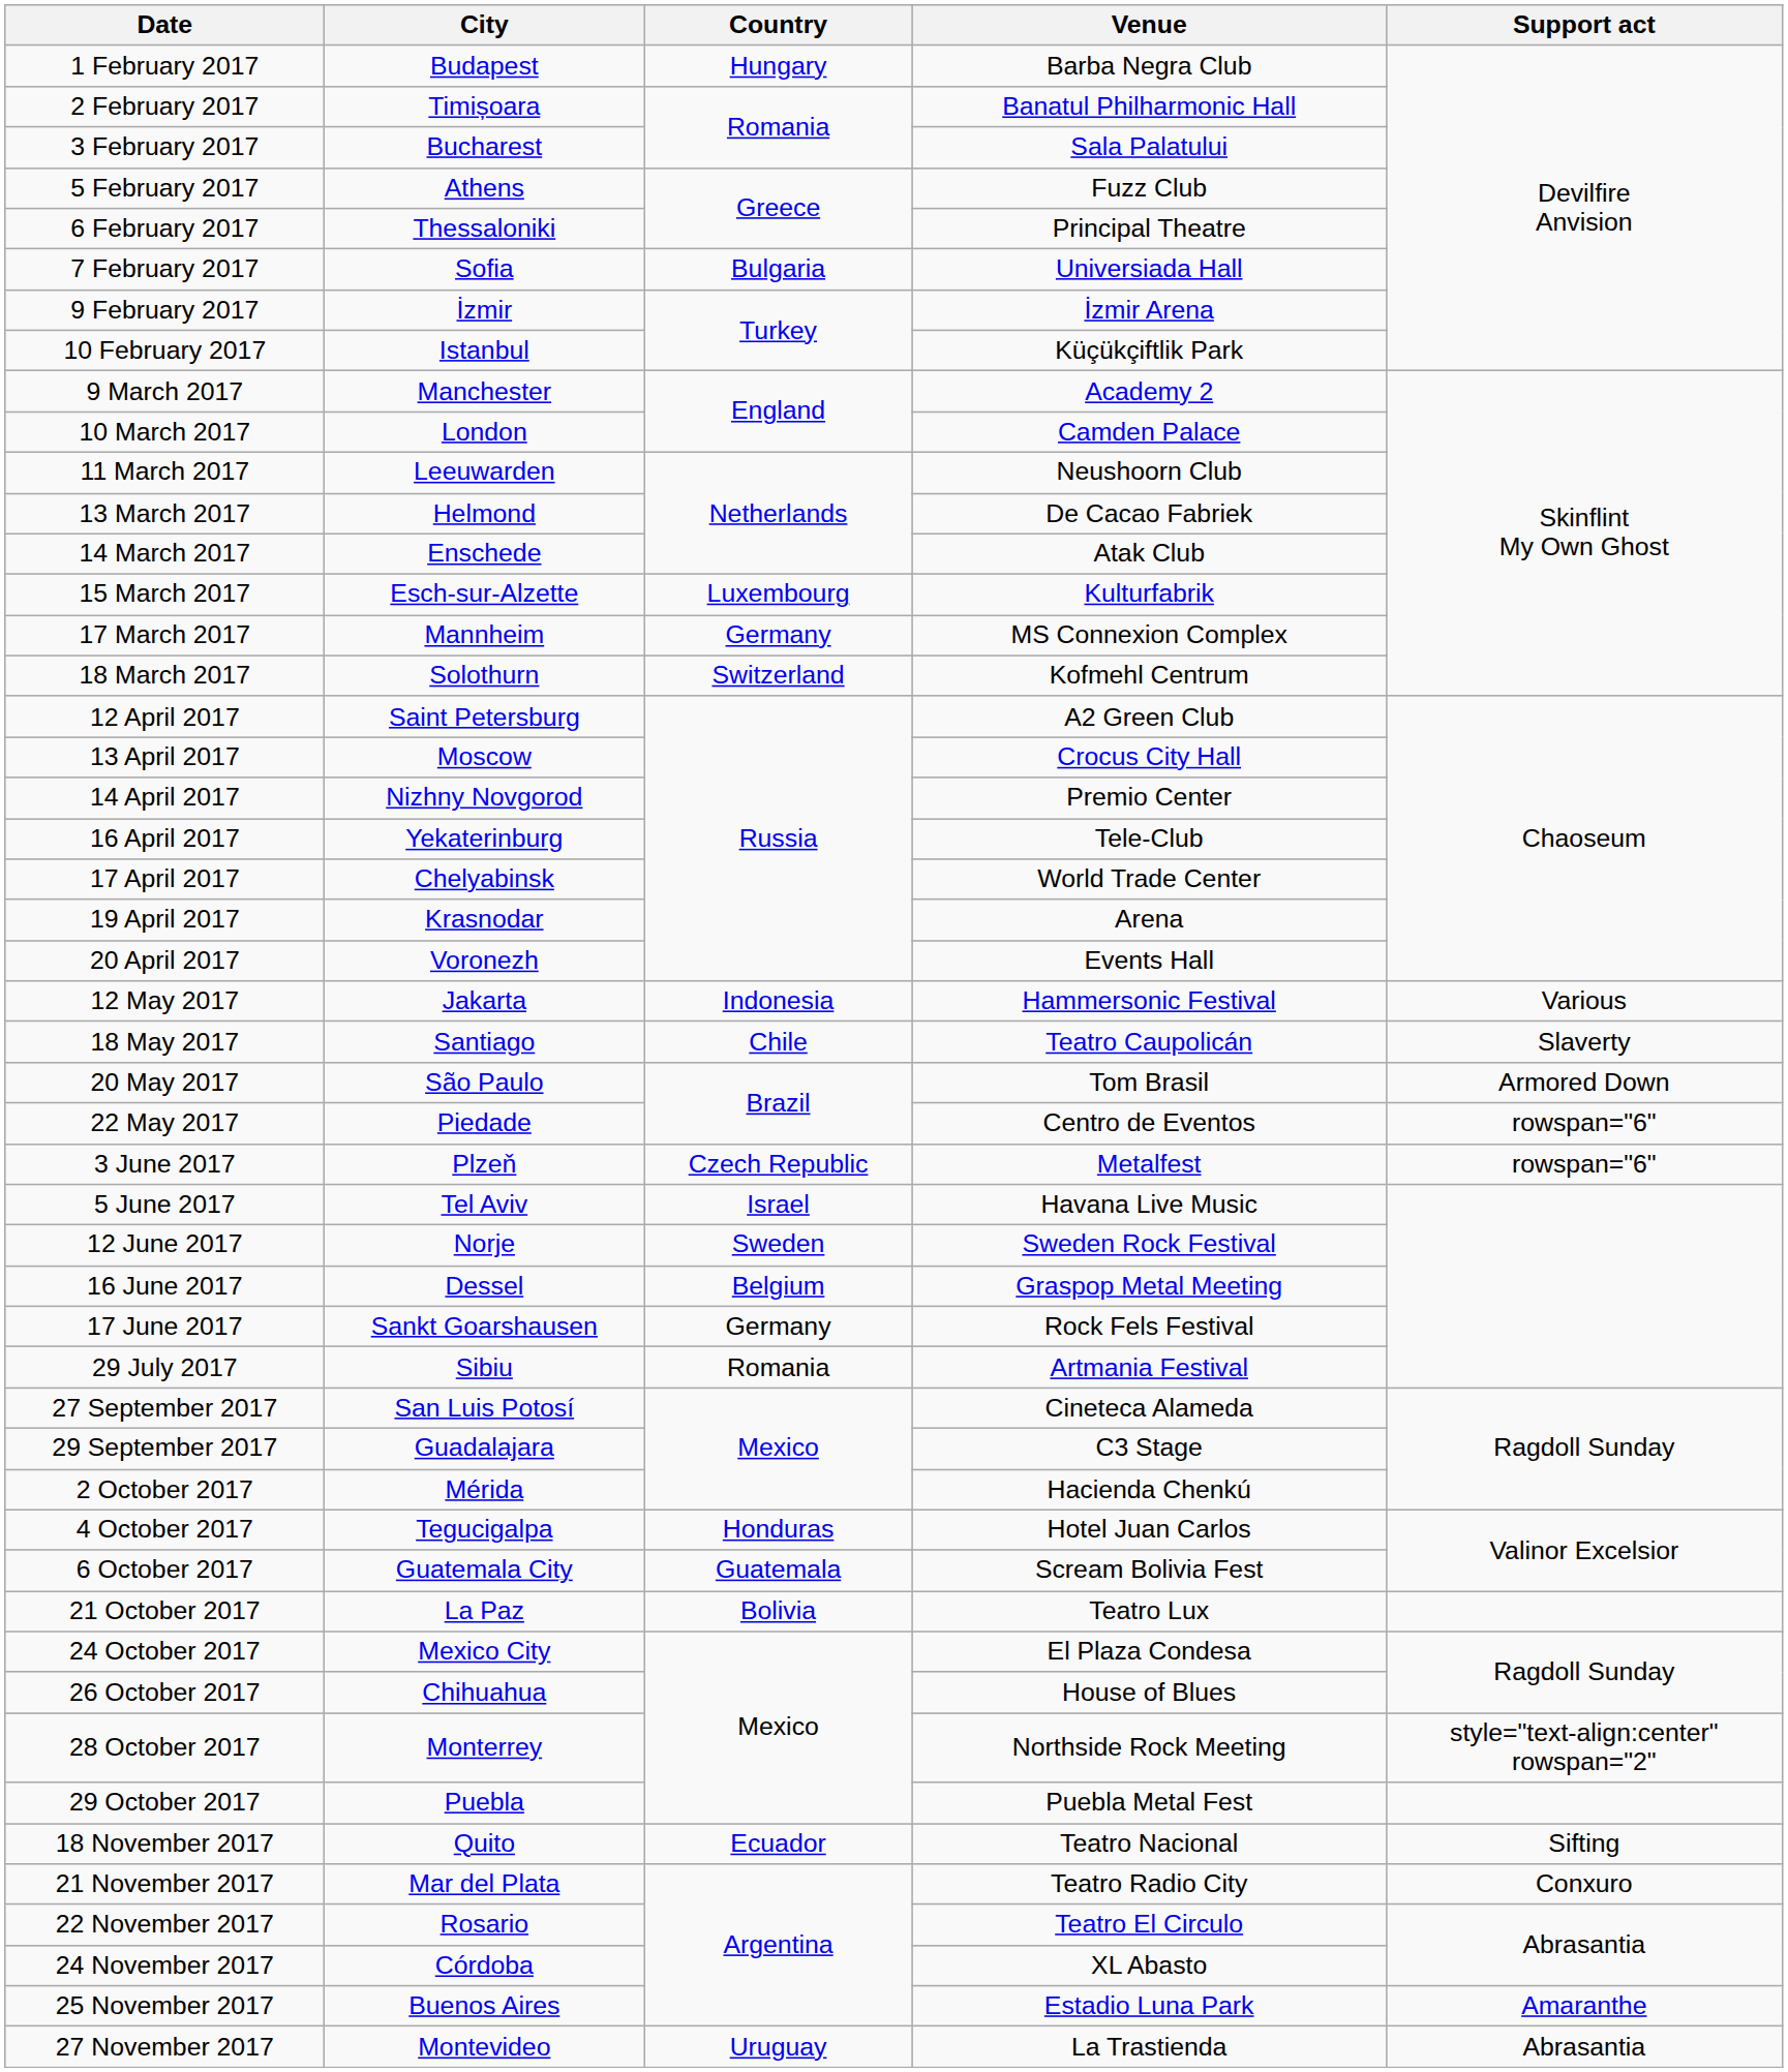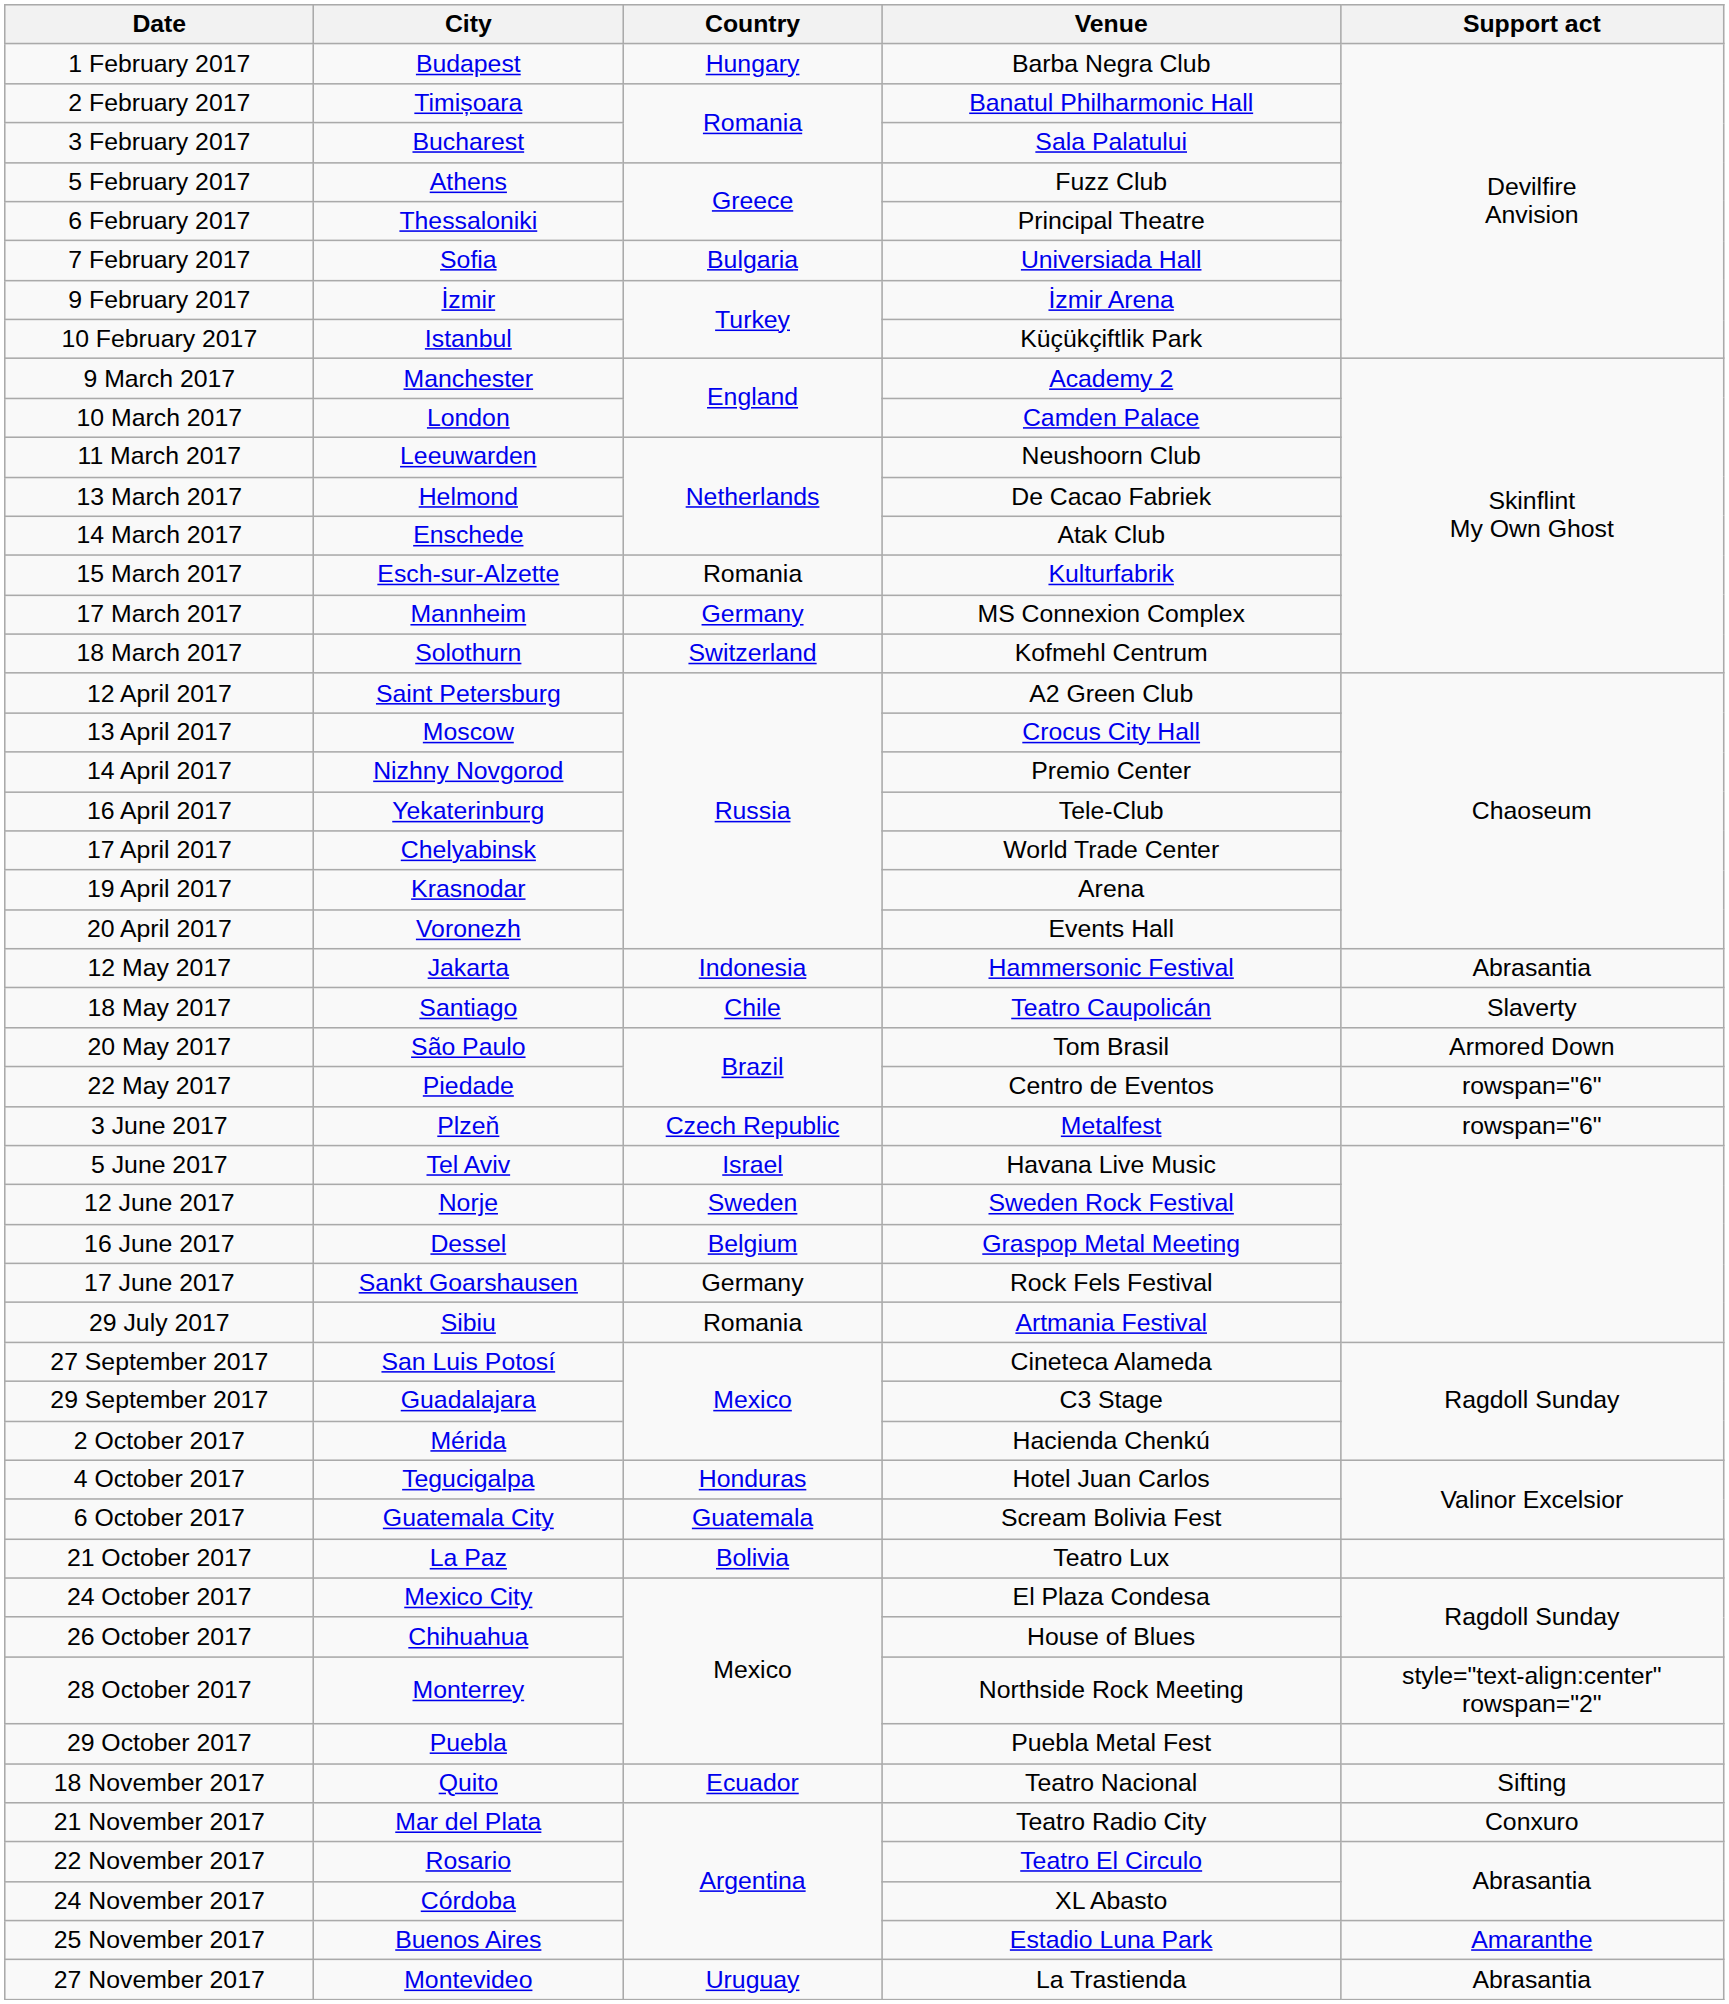 <table class="wikitable plainrowheaders" style="text-align:center;">
 <tr>
 <th scope="col" style="width:12em;">Date</th>
 <th scope="col" style="width:12em;">City</th>
 <th scope="col" style="width:10em;">Country</th>
 <th scope="col" style="width:18em;">Venue</th>
 <th scope="col" style="width:15em;">Support act</th>
 </tr>
 <tr>
 <td style="text-align:center">1 February 2017</td>
 <td style="text-align:center"><a href='#'>Budapest</a></td>
 <td style="text-align:center"><a href='#'>Hungary</a></td>
 <td style="text-align:center">Barba Negra Club</td>
 <td style="text-align:center" rowspan="8">Devilfire<br>Anvision</td>
 </tr>
 <tr>
 <td style="text-align:center">2 February 2017</td>
 <td style="text-align:center"><a href='#'>Timișoara</a></td>
 <td style="text-align:center" rowspan="2"><a href='#'>Romania</a></td>
 <td style="text-align:center"><a href='#'>Banatul Philharmonic Hall</a></td>
 </tr>
 <tr>
 <td style="text-align:center">3 February 2017</td>
 <td style="text-align:center"><a href='#'>Bucharest</a></td>
 <td style="text-align:center"><a href='#'>Sala Palatului</a></td>
 </tr>
 <tr>
 <td style="text-align:center">5 February 2017</td>
 <td style="text-align:center"><a href='#'>Athens</a></td>
 <td style="text-align:center" rowspan="2"><a href='#'>Greece</a></td>
 <td style="text-align:center">Fuzz Club</td>
 </tr>
 <tr>
 <td style="text-align:center">6 February 2017</td>
 <td style="text-align:center"><a href='#'>Thessaloniki</a></td>
 <td style="text-align:center">Principal Theatre</td>
 </tr>
 <tr>
 <td style="text-align:center">7 February 2017</td>
 <td style="text-align:center"><a href='#'>Sofia</a></td>
 <td style="text-align:center"><a href='#'>Bulgaria</a></td>
 <td style="text-align:center"><a href='#'>Universiada Hall</a></td>
 </tr>
 <tr>
 <td style="text-align:center">9 February 2017</td>
 <td style="text-align:center"><a href='#'>İzmir</a></td>
 <td style="text-align:center" rowspan="2"><a href='#'>Turkey</a></td>
 <td style="text-align:center"><a href='#'>İzmir Arena</a></td>
 </tr>
 <tr>
 <td style="text-align:center">10 February 2017</td>
 <td style="text-align:center"><a href='#'>Istanbul</a></td>
 <td style="text-align:center">Küçükçiftlik Park</td>
 </tr>
 <tr>
 <td style="text-align:center">9 March 2017</td>
 <td style="text-align:center"><a href='#'>Manchester</a></td>
 <td style="text-align:center" rowspan="2"><a href='#'>England</a></td>
 <td style="text-align:center"><a href='#'>Academy 2</a></td>
 <td style="text-align:center" rowspan="8">Skinflint <br>My Own Ghost</td>
 </tr>
 <tr>
 <td style="text-align:center">10 March 2017</td>
 <td style="text-align:center"><a href='#'>London</a></td>
 <td style="text-align:center"><a href='#'>Camden Palace</a></td>
 </tr>
 <tr>
 <td style="text-align:center">11 March 2017</td>
 <td style="text-align:center"><a href='#'>Leeuwarden</a></td>
 <td style="text-align:center" rowspan="3"><a href='#'>Netherlands</a></td>
 <td style="text-align:center">Neushoorn Club</td>
 </tr>
 <tr>
 <td style="text-align:center">13 March 2017</td>
 <td style="text-align:center"><a href='#'>Helmond</a></td>
 <td style="text-align:center">De Cacao Fabriek</td>
 </tr>
 <tr>
 <td style="text-align:center">14 March 2017</td>
 <td style="text-align:center"><a href='#'>Enschede</a></td>
 <td style="text-align:center">Atak Club</td>
 </tr>
 <tr>
 <td style="text-align:center">15 March 2017</td>
 <td style="text-align:center"><a href='#'>Esch-sur-Alzette</a></td>
-<td style="text-align:center"><a href='#'>Luxembourg</a></td>
+<td style="text-align:center">Romania</td>
 <td style="text-align:center"><a href='#'>Kulturfabrik</a></td>
 </tr>
 <tr>
 <td style="text-align:center">17 March 2017</td>
 <td style="text-align:center"><a href='#'>Mannheim</a></td>
 <td style="text-align:center"><a href='#'>Germany</a></td>
 <td style="text-align:center">MS Connexion Complex</td>
 </tr>
 <tr>
 <td style="text-align:center">18 March 2017</td>
 <td style="text-align:center"><a href='#'>Solothurn</a></td>
 <td style="text-align:center"><a href='#'>Switzerland</a></td>
 <td style="text-align:center">Kofmehl Centrum</td>
 </tr>
 <tr>
 <td style="text-align:center">12 April 2017</td>
 <td style="text-align:center"><a href='#'>Saint Petersburg</a></td>
 <td style="text-align:center" rowspan="7"><a href='#'>Russia</a></td>
 <td style="text-align:center">A2 Green Club</td>
 <td style="text-align:center" rowspan="7">Chaoseum</td>
 </tr>
 <tr>
 <td style="text-align:center">13 April 2017</td>
 <td style="text-align:center"><a href='#'>Moscow</a></td>
 <td style="text-align:center"><a href='#'>Crocus City Hall</a></td>
 </tr>
 <tr>
 <td style="text-align:center">14 April 2017</td>
 <td style="text-align:center"><a href='#'>Nizhny Novgorod</a></td>
 <td style="text-align:center">Premio Center</td>
 </tr>
 <tr>
 <td style="text-align:center">16 April 2017</td>
 <td style="text-align:center"><a href='#'>Yekaterinburg</a></td>
 <td style="text-align:center">Tele-Club</td>
 </tr>
 <tr>
 <td style="text-align:center">17 April 2017</td>
 <td style="text-align:center"><a href='#'>Chelyabinsk</a></td>
 <td style="text-align:center">World Trade Center</td>
 </tr>
 <tr>
 <td style="text-align:center">19 April 2017</td>
 <td style="text-align:center"><a href='#'>Krasnodar</a></td>
 <td style="text-align:center">Arena</td>
 </tr>
 <tr>
 <td style="text-align:center">20 April 2017</td>
 <td style="text-align:center"><a href='#'>Voronezh</a></td>
 <td style="text-align:center">Events Hall</td>
 </tr>
 <tr>
 <td style="text-align:center">12 May 2017</td>
 <td style="text-align:center"><a href='#'>Jakarta</a></td>
 <td style="text-align:center"><a href='#'>Indonesia</a></td>
 <td style="text-align:center"><a href='#'>Hammersonic Festival</a></td>
-<td style="text-align:center">Various</td>
+<td style="text-align:center">Abrasantia</td>
 </tr>
 <tr>
 <td style="text-align:center">18 May 2017</td>
 <td style="text-align:center"><a href='#'>Santiago</a></td>
 <td style="text-align:center"><a href='#'>Chile</a></td>
 <td style="text-align:center"><a href='#'>Teatro Caupolicán</a></td>
 <td style="text-align:center">Slaverty</td>
 </tr>
 <tr>
 <td style="text-align:center">20 May 2017</td>
 <td style="text-align:center"><a href='#'>São Paulo</a></td>
 <td style="text-align:center" rowspan="2"><a href='#'>Brazil</a></td>
 <td style="text-align:center">Tom Brasil</td>
 <td style="text-align:center">Armored Down</td>
 </tr>
 <tr>
 <td style="text-align:center">22 May 2017</td>
 <td style="text-align:center"><a href='#'>Piedade</a></td>
 <td style="text-align:center">Centro de Eventos</td>
 <td>rowspan="6" </td>
 </tr>
 <tr>
 <td style="text-align:center">3 June 2017</td>
 <td style="text-align:center"><a href='#'>Plzeň</a></td>
 <td style="text-align:center"><a href='#'>Czech Republic</a></td>
 <td style="text-align:center"><a href='#'>Metalfest</a></td>
 <td>rowspan="6" </td>
 </tr>
 <tr>
 <td style="text-align:center">5 June 2017</td>
 <td style="text-align:center"><a href='#'>Tel Aviv</a></td>
 <td style="text-align:center"><a href='#'>Israel</a></td>
 <td style="text-align:center">Havana Live Music</td>
 </tr>
 <tr>
 <td style="text-align:center">12 June 2017</td>
 <td style="text-align:center"><a href='#'>Norje</a></td>
 <td style="text-align:center"><a href='#'>Sweden</a></td>
 <td style="text-align:center"><a href='#'>Sweden Rock Festival</a></td>
 </tr>
 <tr>
 <td style="text-align:center">16 June 2017</td>
 <td style="text-align:center"><a href='#'>Dessel</a></td>
 <td style="text-align:center"><a href='#'>Belgium</a></td>
 <td style="text-align:center"><a href='#'>Graspop Metal Meeting</a></td>
 </tr>
 <tr>
 <td style="text-align:center">17 June 2017</td>
 <td style="text-align:center"><a href='#'>Sankt Goarshausen</a></td>
 <td style="text-align:center">Germany</td>
 <td style="text-align:center">Rock Fels Festival</td>
 </tr>
 <tr>
 <td style="text-align:center">29 July 2017</td>
 <td style="text-align:center"><a href='#'>Sibiu</a></td>
 <td style="text-align:center">Romania</td>
 <td style="text-align:center"><a href='#'>Artmania Festival</a></td>
 </tr>
 <tr>
 <td style="text-align:center">27 September 2017</td>
 <td style="text-align:center"><a href='#'>San Luis Potosí</a></td>
 <td style="text-align:center" rowspan="3"><a href='#'>Mexico</a></td>
 <td style="text-align:center">Cineteca Alameda</td>
 <td style="text-align:center" rowspan="3">Ragdoll Sunday</td>
 </tr>
 <tr>
 <td style="text-align:center">29 September 2017</td>
 <td style="text-align:center"><a href='#'>Guadalajara</a></td>
 <td style="text-align:center">C3 Stage</td>
 </tr>
 <tr>
 <td style="text-align:center">2 October 2017</td>
 <td style="text-align:center"><a href='#'>Mérida</a></td>
 <td style="text-align:center">Hacienda Chenkú</td>
 </tr>
 <tr>
 <td style="text-align:center">4 October 2017</td>
 <td style="text-align:center"><a href='#'>Tegucigalpa</a></td>
 <td style="text-align:center"><a href='#'>Honduras</a></td>
 <td style="text-align:center">Hotel Juan Carlos</td>
 <td style="text-align:center" rowspan="2">Valinor Excelsior</td>
 </tr>
 <tr>
 <td style="text-align:center">6 October 2017</td>
 <td style="text-align:center"><a href='#'>Guatemala City</a></td>
 <td style="text-align:center"><a href='#'>Guatemala</a></td>
 <td style="text-align:center">Scream Bolivia Fest</td>
 </tr>
 <tr>
 <td style="text-align:center">21 October 2017</td>
 <td style="text-align:center"><a href='#'>La Paz</a></td>
 <td style="text-align:center"><a href='#'>Bolivia</a></td>
 <td style="text-align:center">Teatro Lux</td>
 <td></td>
 </tr>
 <tr>
 <td style="text-align:center">24 October 2017</td>
 <td style="text-align:center"><a href='#'>Mexico City</a></td>
 <td style="text-align:center" rowspan="4">Mexico</td>
 <td style="text-align:center">El Plaza Condesa</td>
 <td style="text-align:center" rowspan="2">Ragdoll Sunday</td>
 </tr>
 <tr>
 <td style="text-align:center">26 October 2017</td>
 <td style="text-align:center"><a href='#'>Chihuahua</a></td>
 <td style="text-align:center">House of Blues</td>
 </tr>
 <tr>
 <td style="text-align:center">28 October 2017</td>
 <td style="text-align:center"><a href='#'>Monterrey</a></td>
 <td style="text-align:center">Northside Rock Meeting</td>
 <td>style="text-align:center" rowspan="2" </td>
 </tr>
 <tr>
 <td style="text-align:center">29 October 2017</td>
 <td style="text-align:center"><a href='#'>Puebla</a></td>
 <td style="text-align:center">Puebla Metal Fest</td>
 </tr>
 <tr>
 <td style="text-align:center">18 November 2017</td>
 <td style="text-align:center"><a href='#'>Quito</a></td>
 <td style="text-align:center"><a href='#'>Ecuador</a></td>
 <td style="text-align:center">Teatro Nacional</td>
 <td style="text-align:center">Sifting</td>
 </tr>
 <tr>
 <td style="text-align:center">21 November 2017</td>
 <td style="text-align:center"><a href='#'>Mar del Plata</a></td>
 <td style="text-align:center" rowspan="4"><a href='#'>Argentina</a></td>
 <td style="text-align:center">Teatro Radio City</td>
 <td style="text-align:center">Conxuro</td>
 </tr>
 <tr>
 <td style="text-align:center">22 November 2017</td>
 <td style="text-align:center"><a href='#'>Rosario</a></td>
 <td style="text-align:center"><a href='#'>Teatro El Circulo</a></td>
 <td style="text-align:center" rowspan="2">Abrasantia</td>
 </tr>
 <tr>
 <td style="text-align:center">24 November 2017</td>
 <td style="text-align:center"><a href='#'>Córdoba</a></td>
 <td style="text-align:center">XL Abasto</td>
 </tr>
 <tr>
 <td style="text-align:center">25 November 2017</td>
 <td style="text-align:center"><a href='#'>Buenos Aires</a></td>
 <td style="text-align:center"><a href='#'>Estadio Luna Park</a></td>
 <td style="text-align:center"><a href='#'>Amaranthe</a></td>
 </tr>
 <tr>
 <td style="text-align:center">27 November 2017</td>
 <td style="text-align:center"><a href='#'>Montevideo</a></td>
 <td style="text-align:center"><a href='#'>Uruguay</a></td>
 <td style="text-align:center">La Trastienda</td>
 <td style="text-align:center">Abrasantia</td>
 </tr>
 </table>
